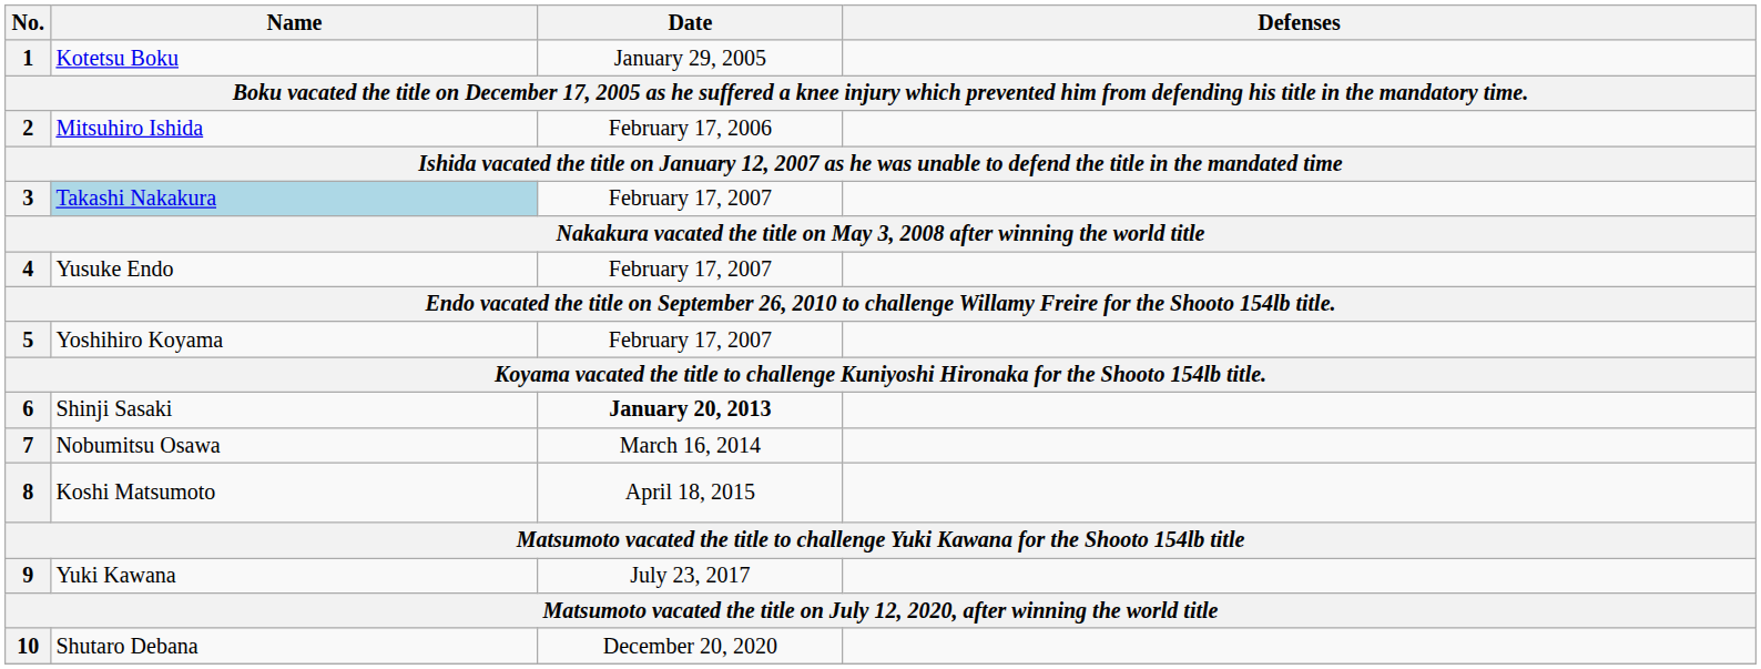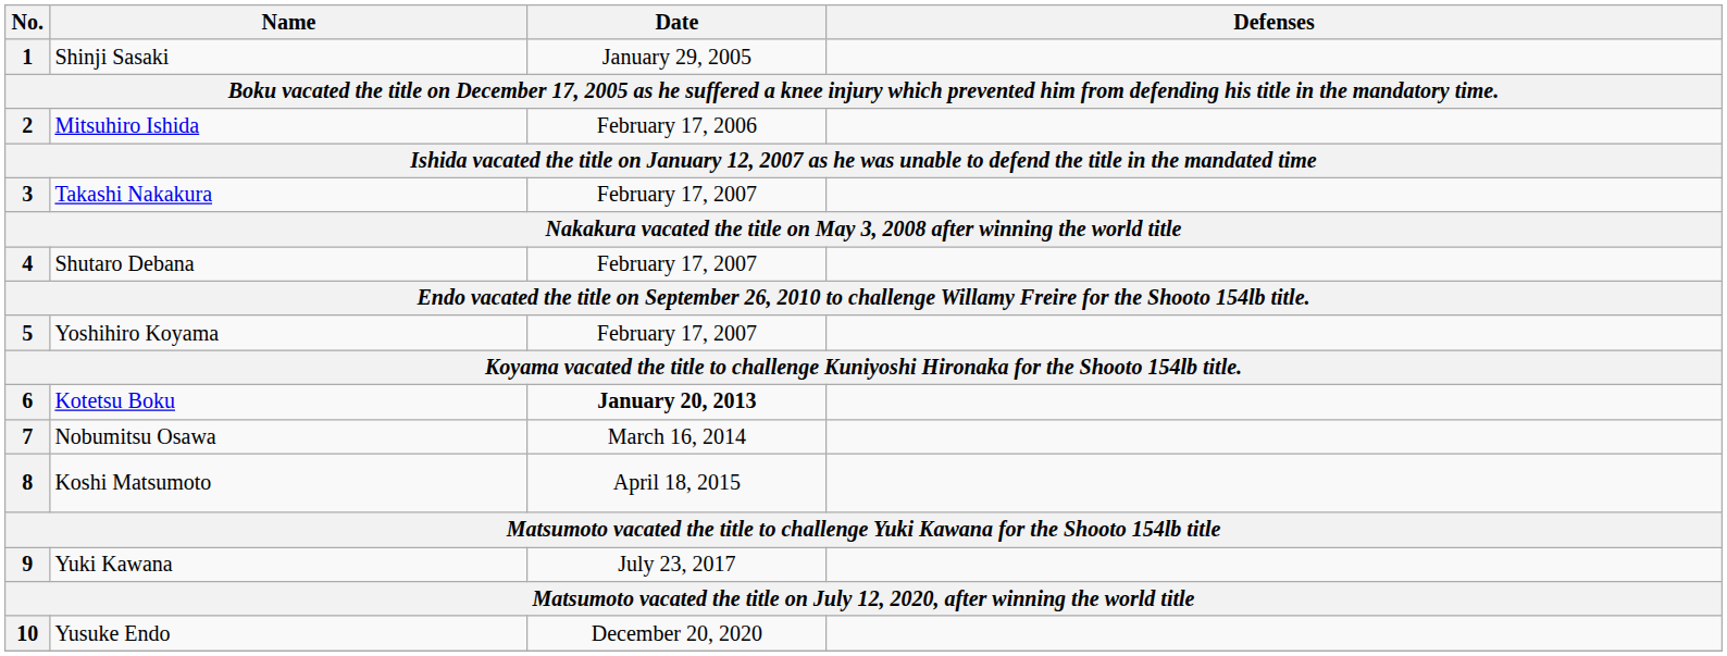 <table class="wikitable" width=100%>
 <tr>
 <th width=1%>No.</th>
 <th width=24%>Name</th>
 <th width=15%>Date</th>
 <th width=45%>Defenses</th>
 </tr>
 <tr>
 <th>1</th>
-<td> <a href='#'>Kotetsu Boku</a><br></td>
+<td> Shinji Sasaki<br></td>
 <td align=center>January 29, 2005</td>
 <td></td>
 </tr>
 <tr>
 <th colspan=4 align=center><em>Boku vacated the title on December 17, 2005 as he suffered a knee injury which prevented him from defending his title in the mandatory time.</em></th>
 </tr>
 <tr>
 <th>2</th>
 <td> <a href='#'>Mitsuhiro Ishida</a><br></td>
 <td align=center>February 17, 2006</td>
 <td></td>
 </tr>
 <tr>
 <th colspan=4 align=center><em>Ishida vacated the title on January 12, 2007 as he was unable to defend the title in the mandated time</em></th>
 </tr>
 <tr>
 <th>3</th>
-<td style="background: lightblue;"> <a href='#'>Takashi Nakakura</a> <br></td>
+<td> <a href='#'>Takashi Nakakura</a> <br></td>
 <td align=center>February 17, 2007</td>
 <td></td>
 </tr>
 <tr>
 <th colspan=4 align=center><em>Nakakura vacated the title on May 3, 2008 after winning the world title</em></th>
 </tr>
 <tr>
 <th>4</th>
-<td> Yusuke Endo<br></td>
+<td> Shutaro Debana <br></td>
 <td align=center>February 17, 2007</td>
 <td></td>
 </tr>
 <tr>
 <th colspan=4 align=center><em>Endo vacated the title on September 26, 2010 to challenge Willamy Freire for the Shooto 154lb title.</em></th>
 </tr>
 <tr>
 <th>5</th>
 <td> Yoshihiro Koyama<br></td>
 <td align=center>February 17, 2007</td>
 <td></td>
 </tr>
 <tr>
 <th colspan=4 align=center><em>Koyama vacated the title to challenge Kuniyoshi Hironaka for the Shooto 154lb title.</em></th>
 </tr>
 <tr>
 <th>6</th>
-<td> Shinji Sasaki<br></td>
+<td> <a href='#'>Kotetsu Boku</a><br></td>
 <td align=center><strong>January 20, 2013</strong></td>
 <td></td>
 </tr>
 <tr>
 <th>7</th>
 <td> Nobumitsu Osawa</td>
 <td align=center>March 16, 2014</td>
 <td></td>
 </tr>
 <tr>
 <th>8</th>
 <td> Koshi Matsumoto</td>
 <td align=center>April 18, 2015</td>
 <td><br><br> </td>
 </tr>
 <tr>
 <th colspan=4 align=center><em>Matsumoto vacated the title to challenge Yuki Kawana for the Shooto 154lb title</em></th>
 </tr>
 <tr>
 <th>9</th>
 <td> Yuki Kawana <br></td>
 <td align=center>July 23, 2017</td>
 <td></td>
 </tr>
 <tr>
 <th colspan=4 align=center><em>Matsumoto vacated the title on July 12, 2020, after winning the world title</em></th>
 </tr>
 <tr>
 <th>10</th>
-<td> Shutaro Debana <br></td>
+<td> Yusuke Endo<br></td>
 <td align=center>December 20, 2020</td>
 <td></td>
 </tr>
 <tr>
 </tr>
 </table>
